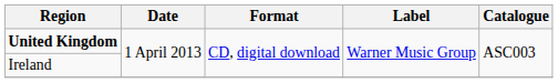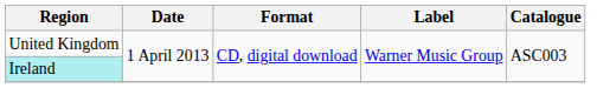 <table class=wikitable>
 <tr>
 <th>Region</th>
 <th>Date</th>
 <th>Format</th>
 <th>Label</th>
 <th>Catalogue</th>
 </tr>
 <tr>
-<td><strong>United Kingdom</strong></td>
+<td>United Kingdom</td>
 <td rowspan="2">1 April 2013</td>
 <td rowspan="2"><a href='#'>CD</a>, <a href='#'>digital download</a></td>
 <td rowspan="2"><a href='#'>Warner Music Group</a></td>
 <td rowspan="2">ASC003</td>
 </tr>
 <tr>
-<td>Ireland</td>
+<td style="background: paleturquoise;">Ireland</td>
 </tr>
 <tr>
 </tr>
 </table>
